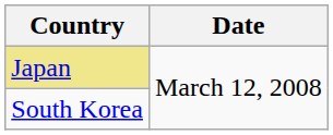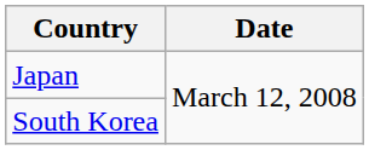 <table class="wikitable">
 <tr>
 <th>Country</th>
 <th>Date</th>
 </tr>
 <tr>
-<td style="background: khaki;"><a href='#'>Japan</a></td>
+<td><a href='#'>Japan</a></td>
 <td rowspan="2">March 12, 2008</td>
 </tr>
 <tr>
 <td><a href='#'>South Korea</a></td>
 </tr>
 </table>
